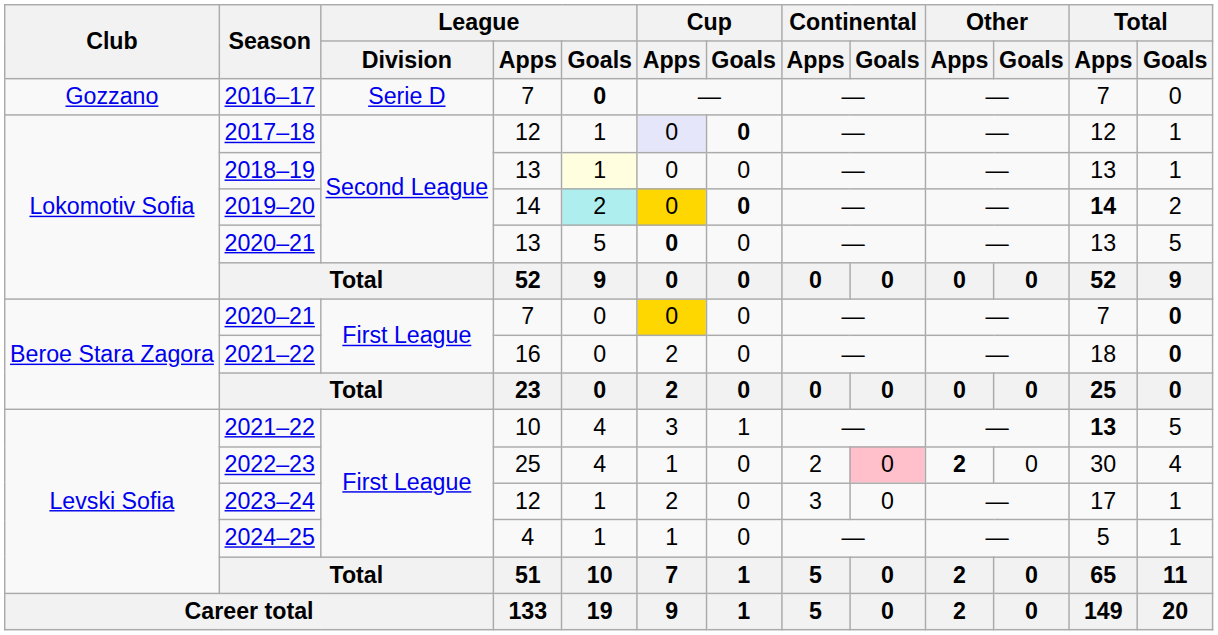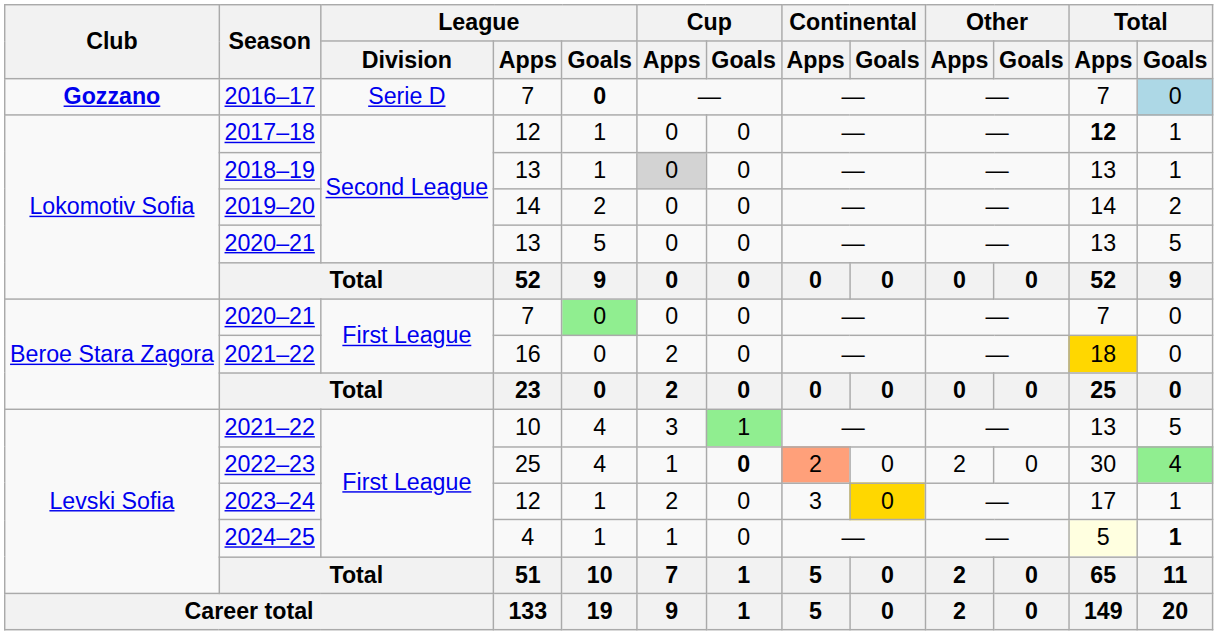 <table class="wikitable" style="text-align:center">
 <tr>
 <th rowspan="2">Club</th>
 <th rowspan="2">Season</th>
 <th colspan="3">League</th>
 <th colspan="2">Cup</th>
 <th colspan="2">Continental</th>
 <th colspan="2">Other</th>
 <th colspan="2">Total</th>
 </tr>
 <tr>
 <th>Division</th>
 <th>Apps</th>
 <th>Goals</th>
 <th>Apps</th>
 <th>Goals</th>
 <th>Apps</th>
 <th>Goals</th>
 <th>Apps</th>
 <th>Goals</th>
 <th>Apps</th>
 <th>Goals</th>
 </tr>
 <tr>
-<td><a href='#'>Gozzano</a></td>
+<td><strong><a href='#'>Gozzano</a></strong></td>
 <td><a href='#'>2016–17</a></td>
 <td><a href='#'>Serie D</a></td>
 <td>7</td>
 <td><strong>0</strong></td>
 <td colspan="2">—</td>
 <td colspan="2">—</td>
 <td colspan="2">—</td>
 <td>7</td>
-<td>0</td>
+<td style="background: lightblue;">0</td>
 </tr>
 <tr>
 <td rowspan=5><a href='#'>Lokomotiv Sofia</a></td>
 <td><a href='#'>2017–18</a></td>
 <td rowspan=4><a href='#'>Second League</a></td>
 <td>12</td>
 <td>1</td>
-<td style="background: lavender;">0</td>
-<td><strong>0</strong></td>
+<td>0</td>
+<td>0</td>
 <td colspan="2">—</td>
 <td colspan="2">—</td>
-<td>12</td>
+<td><strong>12</strong></td>
 <td>1</td>
 </tr>
 <tr>
 <td><a href='#'>2018–19</a></td>
 <td>13</td>
-<td style="background: lightyellow;">1</td>
-<td>0</td>
+<td>1</td>
+<td style="background: lightgrey;">0</td>
 <td>0</td>
 <td colspan="2">—</td>
 <td colspan="2">—</td>
 <td>13</td>
 <td>1</td>
 </tr>
 <tr>
 <td><a href='#'>2019–20</a></td>
 <td>14</td>
-<td style="background: paleturquoise;">2</td>
-<td style="background: gold;">0</td>
-<td><strong>0</strong></td>
+<td>2</td>
+<td>0</td>
+<td>0</td>
 <td colspan="2">—</td>
 <td colspan="2">—</td>
-<td><strong>14</strong></td>
+<td>14</td>
 <td>2</td>
 </tr>
 <tr>
 <td><a href='#'>2020–21</a></td>
 <td>13</td>
 <td>5</td>
-<td><strong>0</strong></td>
+<td>0</td>
 <td>0</td>
 <td colspan="2">—</td>
 <td colspan="2">—</td>
 <td>13</td>
 <td>5</td>
 </tr>
 <tr>
 <th colspan="2">Total</th>
 <th>52</th>
 <th>9</th>
 <th>0</th>
 <th>0</th>
 <th>0</th>
 <th>0</th>
 <th>0</th>
 <th>0</th>
 <th>52</th>
 <th>9</th>
 </tr>
 <tr>
 <td rowspan=3><a href='#'>Beroe Stara Zagora</a></td>
 <td><a href='#'>2020–21</a></td>
 <td rowspan=2><a href='#'>First League</a></td>
 <td>7</td>
+<td style="background: lightgreen;">0</td>
 <td>0</td>
-<td style="background: gold;">0</td>
 <td>0</td>
 <td colspan="2">—</td>
 <td colspan="2">—</td>
 <td>7</td>
-<td><strong>0</strong></td>
+<td>0</td>
 </tr>
 <tr>
 <td><a href='#'>2021–22</a></td>
 <td>16</td>
 <td>0</td>
 <td>2</td>
 <td>0</td>
 <td colspan="2">—</td>
 <td colspan="2">—</td>
-<td>18</td>
-<td><strong>0</strong></td>
+<td style="background: gold;">18</td>
+<td>0</td>
 </tr>
 <tr>
 <th colspan="2">Total</th>
 <th>23</th>
 <th>0</th>
 <th>2</th>
 <th>0</th>
 <th>0</th>
 <th>0</th>
 <th>0</th>
 <th>0</th>
 <th>25</th>
 <th>0</th>
 </tr>
 <tr>
 <td rowspan="5"><a href='#'>Levski Sofia</a></td>
 <td><a href='#'>2021–22</a></td>
 <td rowspan="4"><a href='#'>First League</a></td>
 <td>10</td>
 <td>4</td>
 <td>3</td>
-<td>1</td>
+<td style="background: lightgreen;">1</td>
 <td colspan="2">—</td>
 <td colspan="2">—</td>
-<td><strong>13</strong></td>
+<td>13</td>
 <td>5</td>
 </tr>
 <tr>
 <td><a href='#'>2022–23</a></td>
 <td>25</td>
 <td>4</td>
 <td>1</td>
+<td><strong>0</strong></td>
+<td style="background: lightsalmon;">2</td>
 <td>0</td>
 <td>2</td>
-<td style="background: pink;">0</td>
-<td><strong>2</strong></td>
 <td>0</td>
 <td>30</td>
-<td>4</td>
+<td style="background: lightgreen;">4</td>
 </tr>
 <tr>
 <td><a href='#'>2023–24</a></td>
 <td>12</td>
 <td>1</td>
 <td>2</td>
 <td>0</td>
 <td>3</td>
-<td>0</td>
+<td style="background: gold;">0</td>
 <td colspan="2">—</td>
 <td>17</td>
 <td>1</td>
 </tr>
 <tr>
 <td><a href='#'>2024–25</a></td>
 <td>4</td>
 <td>1</td>
 <td>1</td>
 <td>0</td>
 <td colspan="2">—</td>
 <td colspan="2">—</td>
-<td>5</td>
-<td>1</td>
+<td style="background: lightyellow;">5</td>
+<td><strong>1</strong></td>
 </tr>
 <tr>
 <th colspan="2">Total</th>
 <th>51</th>
 <th>10</th>
 <th>7</th>
 <th>1</th>
 <th>5</th>
 <th>0</th>
 <th>2</th>
 <th>0</th>
 <th>65</th>
 <th>11</th>
 </tr>
 <tr>
 <th colspan="3">Career total</th>
 <th>133</th>
 <th>19</th>
 <th>9</th>
 <th>1</th>
 <th>5</th>
 <th>0</th>
 <th>2</th>
 <th>0</th>
 <th>149</th>
 <th>20</th>
 </tr>
 </table>
